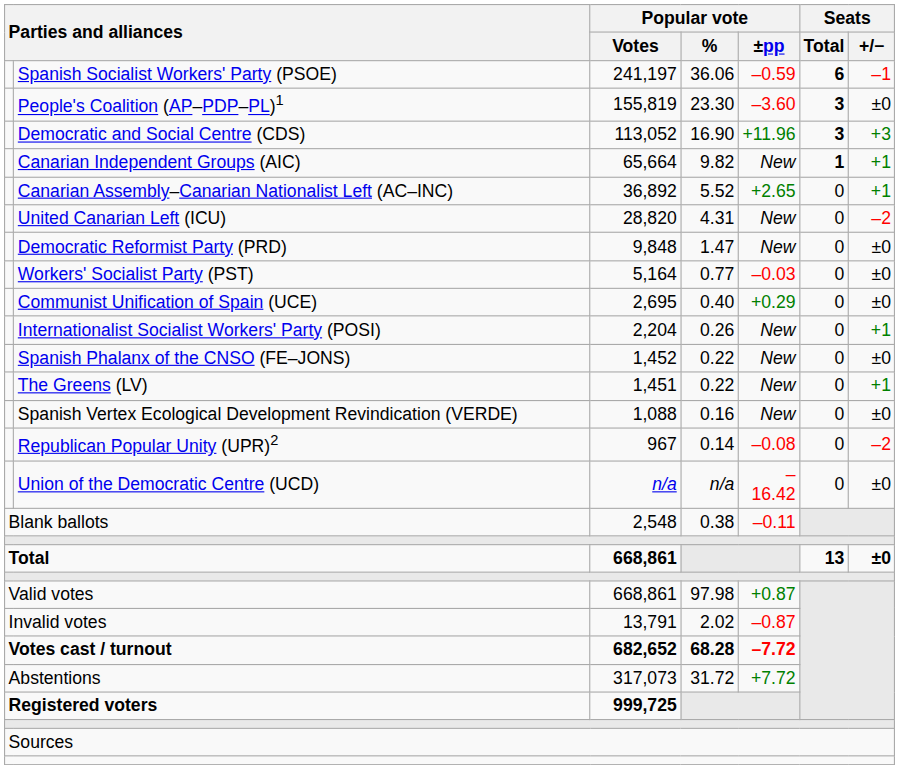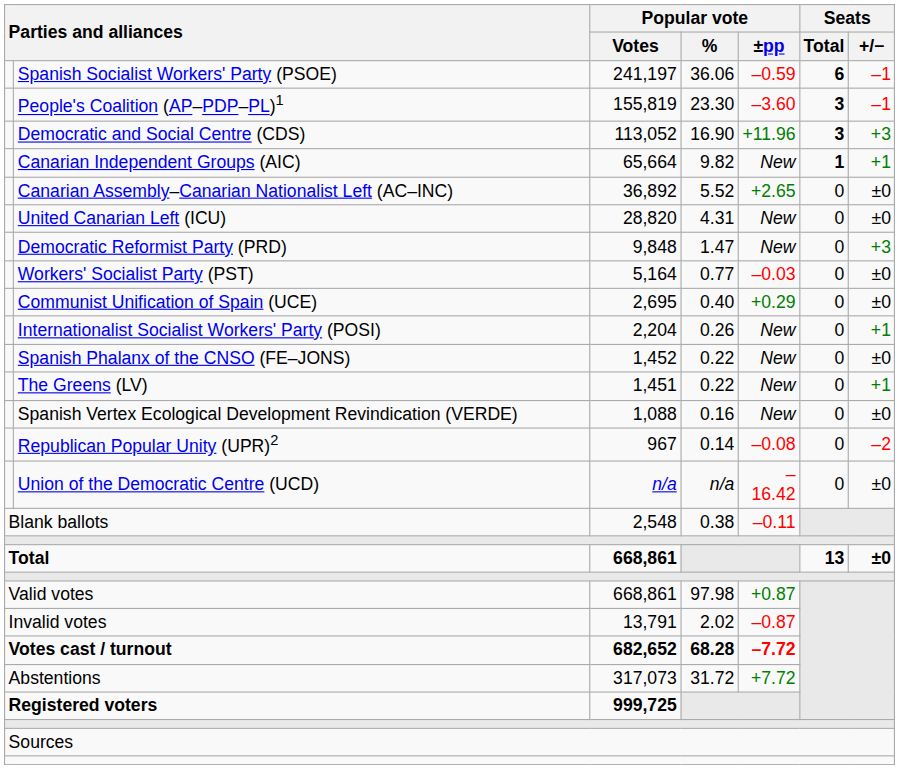 <table class="wikitable" style="text-align:right;">
 <tr>
 <th style="text-align:left;" rowspan="2" colspan="2" width="525">Parties and alliances</th>
 <th colspan="3">Popular vote</th>
 <th colspan="2">Seats</th>
 </tr>
 <tr>
 <th width="75">Votes</th>
 <th width="45">%</th>
 <th width="45">±<a href='#'>pp</a></th>
 <th width="35">Total</th>
 <th width="35">+/−</th>
 </tr>
 <tr>
 <td width="1" style="color:inherit;background:"></td>
 <td align="left"><a href='#'>Spanish Socialist Workers' Party</a> (PSOE)</td>
 <td>241,197</td>
 <td>36.06</td>
 <td style="color:red;">–0.59</td>
 <td><strong>6</strong></td>
 <td style="color:red;">–1</td>
 </tr>
 <tr>
 <td style="color:inherit;background:"></td>
 <td align="left"><a href='#'>People's Coalition</a> (<a href='#'>AP</a>–<a href='#'>PDP</a>–<a href='#'>PL</a>)<sup>1</sup></td>
 <td>155,819</td>
 <td>23.30</td>
 <td style="color:red;">–3.60</td>
 <td><strong>3</strong></td>
-<td>±0</td>
+<td style="color:red;">–1</td>
 </tr>
 <tr>
 <td style="color:inherit;background:"></td>
 <td align="left"><a href='#'>Democratic and Social Centre</a> (CDS)</td>
 <td>113,052</td>
 <td>16.90</td>
 <td style="color:green;">+11.96</td>
 <td><strong>3</strong></td>
 <td style="color:green;">+3</td>
 </tr>
 <tr>
 <td style="color:inherit;background:"></td>
 <td align="left"><a href='#'>Canarian Independent Groups</a> (AIC)</td>
 <td>65,664</td>
 <td>9.82</td>
 <td><em>New</em></td>
 <td><strong>1</strong></td>
 <td style="color:green;">+1</td>
 </tr>
 <tr>
 <td style="color:inherit;background:"></td>
 <td align="left"><a href='#'>Canarian Assembly</a>–<a href='#'>Canarian Nationalist Left</a> (AC–INC)</td>
 <td>36,892</td>
 <td>5.52</td>
 <td style="color:green;">+2.65</td>
 <td>0</td>
-<td style="color:green;">+1</td>
+<td>±0</td>
 </tr>
 <tr>
 <td style="color:inherit;background:"></td>
 <td align="left"><a href='#'>United Canarian Left</a> (ICU)</td>
 <td>28,820</td>
 <td>4.31</td>
 <td><em>New</em></td>
 <td>0</td>
-<td style="color:red;">–2</td>
+<td>±0</td>
 </tr>
 <tr>
 <td style="color:inherit;background:"></td>
 <td align="left"><a href='#'>Democratic Reformist Party</a> (PRD)</td>
 <td>9,848</td>
 <td>1.47</td>
 <td><em>New</em></td>
 <td>0</td>
-<td>±0</td>
+<td style="color:green;">+3</td>
 </tr>
 <tr>
 <td style="color:inherit;background:"></td>
 <td align="left"><a href='#'>Workers' Socialist Party</a> (PST)</td>
 <td>5,164</td>
 <td>0.77</td>
 <td style="color:red;">–0.03</td>
 <td>0</td>
 <td>±0</td>
 </tr>
 <tr>
 <td style="color:inherit;background:"></td>
 <td align="left"><a href='#'>Communist Unification of Spain</a> (UCE)</td>
 <td>2,695</td>
 <td>0.40</td>
 <td style="color:green;">+0.29</td>
 <td>0</td>
 <td>±0</td>
 </tr>
 <tr>
 <td style="color:inherit;background:"></td>
 <td align="left"><a href='#'>Internationalist Socialist Workers' Party</a> (POSI)</td>
 <td>2,204</td>
 <td>0.26</td>
 <td><em>New</em></td>
 <td>0</td>
 <td style="color:green;">+1</td>
 </tr>
 <tr>
 <td style="color:inherit;background:"></td>
 <td align="left"><a href='#'>Spanish Phalanx of the CNSO</a> (FE–JONS)</td>
 <td>1,452</td>
 <td>0.22</td>
 <td><em>New</em></td>
 <td>0</td>
 <td>±0</td>
 </tr>
 <tr>
 <td style="color:inherit;background:"></td>
 <td align="left"><a href='#'>The Greens</a> (LV)</td>
 <td>1,451</td>
 <td>0.22</td>
 <td><em>New</em></td>
 <td>0</td>
 <td style="color:green;">+1</td>
 </tr>
 <tr>
 <td style="color:inherit;background:"></td>
 <td align="left">Spanish Vertex Ecological Development Revindication (VERDE)</td>
 <td>1,088</td>
 <td>0.16</td>
 <td><em>New</em></td>
 <td>0</td>
 <td>±0</td>
 </tr>
 <tr>
 <td style="color:inherit;background:"></td>
 <td align="left"><a href='#'>Republican Popular Unity</a> (UPR)<sup>2</sup></td>
 <td>967</td>
 <td>0.14</td>
 <td style="color:red;">–0.08</td>
 <td>0</td>
 <td style="color:red;">–2</td>
 </tr>
 <tr>
 <td style="color:inherit;background:"></td>
 <td align="left"><a href='#'>Union of the Democratic Centre</a> (UCD)</td>
 <td><em><a href='#'>n/a</a></em></td>
 <td><em>n/a</em></td>
 <td style="color:red;">–16.42</td>
 <td>0</td>
 <td>±0</td>
 </tr>
 <tr>
 <td align="left" colspan="2">Blank ballots</td>
 <td>2,548</td>
 <td>0.38</td>
 <td style="color:red;">–0.11</td>
 <td bgcolor="#E9E9E9" colspan="2"></td>
 </tr>
 <tr>
 <td colspan="7" bgcolor="#E9E9E9"></td>
 </tr>
 <tr style="font-weight:bold;">
 <td align="left" colspan="2">Total</td>
 <td>668,861</td>
 <td bgcolor="#E9E9E9" colspan="2"></td>
 <td>13</td>
 <td>±0</td>
 </tr>
 <tr>
 <td colspan="7" bgcolor="#E9E9E9"></td>
 </tr>
 <tr>
 <td align="left" colspan="2">Valid votes</td>
 <td>668,861</td>
 <td>97.98</td>
 <td style="color:green;">+0.87</td>
 <td bgcolor="#E9E9E9" colspan="2" rowspan="5"></td>
 </tr>
 <tr>
 <td align="left" colspan="2">Invalid votes</td>
 <td>13,791</td>
 <td>2.02</td>
 <td style="color:red;">–0.87</td>
 </tr>
 <tr style="font-weight:bold;">
 <td align="left" colspan="2">Votes cast / turnout</td>
 <td>682,652</td>
 <td>68.28</td>
 <td style="color:red;">–7.72</td>
 </tr>
 <tr>
 <td align="left" colspan="2">Abstentions</td>
 <td>317,073</td>
 <td>31.72</td>
 <td style="color:green;">+7.72</td>
 </tr>
 <tr style="font-weight:bold;">
 <td align="left" colspan="2">Registered voters</td>
 <td>999,725</td>
 <td bgcolor="#E9E9E9" colspan="2"></td>
 </tr>
 <tr>
 <td colspan="7" bgcolor="#E9E9E9"></td>
 </tr>
 <tr>
 <td align="left" colspan="7">Sources</td>
 </tr>
 <tr>
 <td colspan="7" style="text-align:left; max-width:790px;"></td>
 </tr>
 </table>
